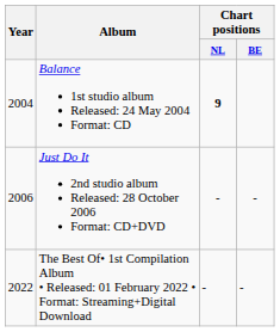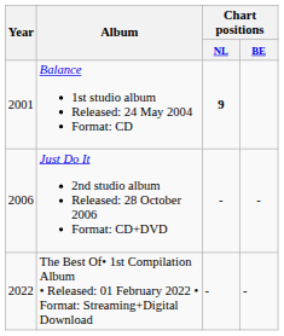 <table class="wikitable">
 <tr>
 <th width="23" rowspan="2">Year</th>
 <th width="200" rowspan="2">Album</th>
 <th colspan="2">Chart positions</th>
 </tr>
 <tr>
 <th width="40"><small><strong><a href='#'>NL</a></strong></small></th>
 <th width="40"><small><strong><a href='#'>BE</a></strong></small></th>
 </tr>
 <tr>
-<td>2004</td>
+<td>2001</td>
 <td><em><a href='#'>Balance</a></em><br><ul><li>1st studio album</li><li>Released: 24 May 2004</li><li>Format: CD</li></ul></td>
 <td align="center"><strong>9</strong></td>
 <td align="center"></td>
 </tr>
 <tr>
 <td>2006</td>
 <td><em><a href='#'>Just Do It</a></em><br><ul><li>2nd studio album</li><li>Released: 28 October 2006</li><li>Format: CD+DVD</li></ul></td>
 <td align="center">-</td>
 <td align="center">-</td>
 </tr>
 <tr>
 <td>2022</td>
 <td>The Best Of• 1st Compilation Album<br>• Released: 01 February 2022 • Format: Streaming+Digital Download</td>
 <td>-</td>
 <td>-</td>
 </tr>
 </table>
